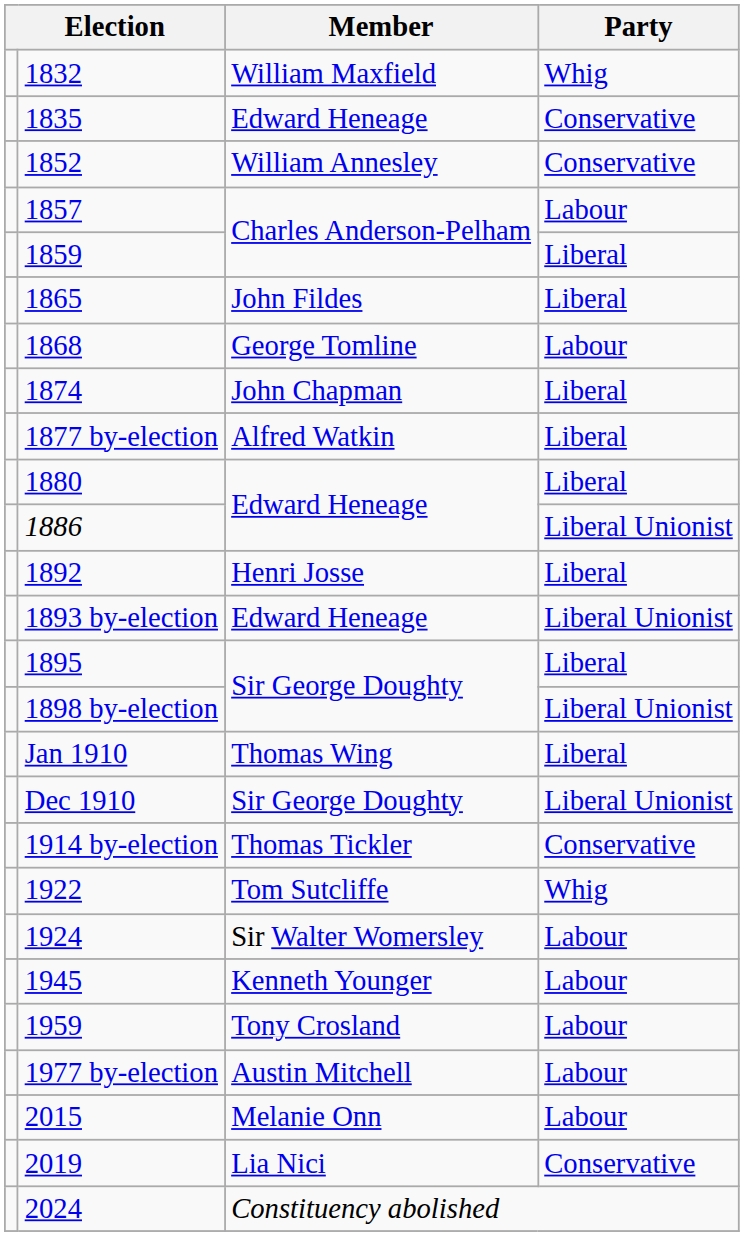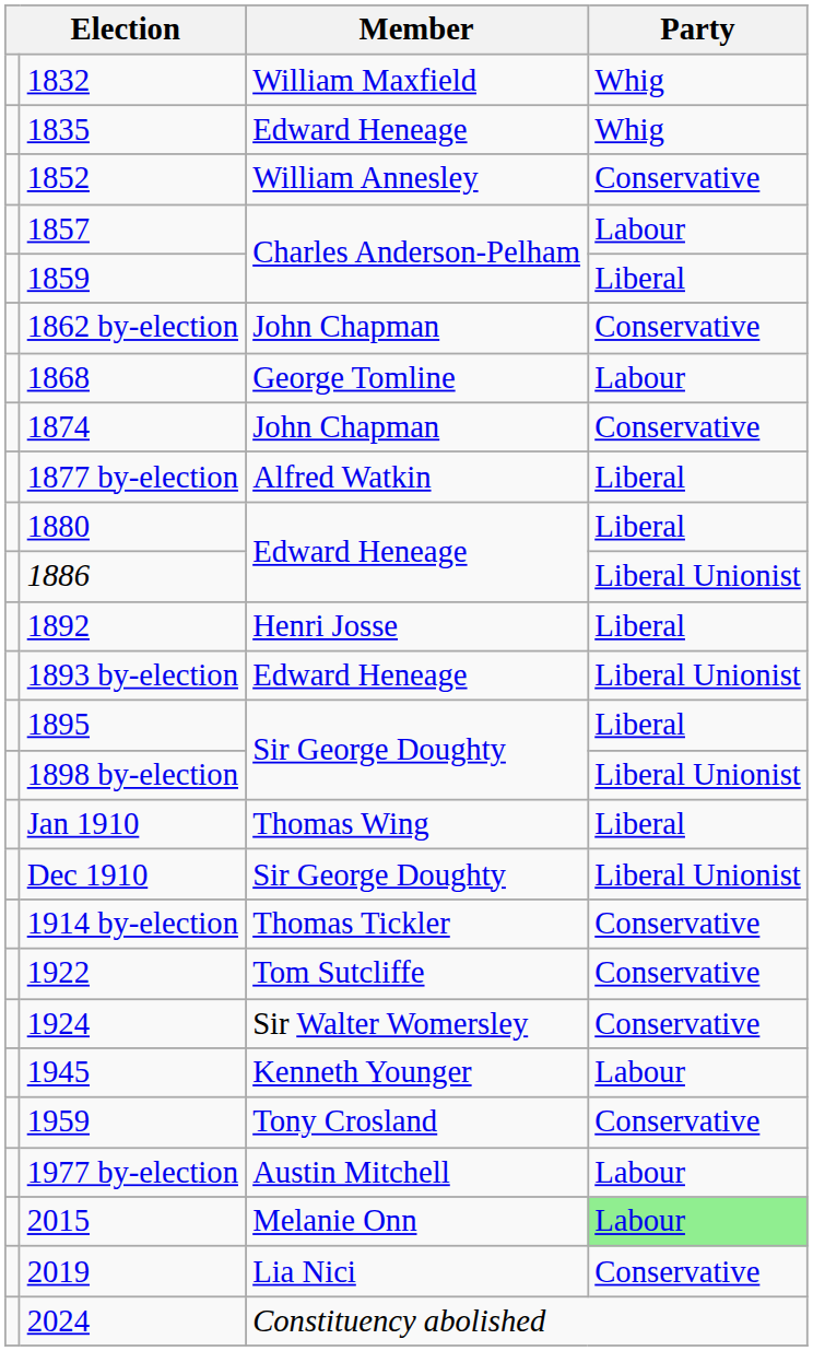 <table class="wikitable">
 <tr>
 <th colspan="2">Election</th>
 <th>Member</th>
 <th>Party</th>
 </tr>
 <tr>
 <td style="color:inherit;background-color: "></td>
 <td><a href='#'>1832</a></td>
 <td><a href='#'>William Maxfield</a></td>
 <td><a href='#'>Whig</a></td>
 </tr>
 <tr>
 <td style="color:inherit;background-color: "></td>
 <td><a href='#'>1835</a></td>
 <td><a href='#'>Edward Heneage</a></td>
-<td><a href='#'>Conservative</a></td>
+<td><a href='#'>Whig</a></td>
 </tr>
 <tr>
 <td style="color:inherit;background-color: "></td>
 <td><a href='#'>1852</a></td>
 <td><a href='#'>William Annesley</a></td>
 <td><a href='#'>Conservative</a></td>
 </tr>
 <tr>
 <td style="color:inherit;background-color: "></td>
 <td><a href='#'>1857</a></td>
 <td rowspan="2"><a href='#'>Charles Anderson-Pelham</a></td>
 <td><a href='#'>Labour</a></td>
 </tr>
 <tr>
 <td style="color:inherit;background-color: "></td>
 <td><a href='#'>1859</a></td>
 <td><a href='#'>Liberal</a></td>
 </tr>
 <tr>
 <td style="color:inherit;background-color: "></td>
-<td><a href='#'>1865</a></td>
-<td><a href='#'>John Fildes</a></td>
-<td><a href='#'>Liberal</a></td>
+<td><a href='#'>1862 by-election</a></td>
+<td><a href='#'>John Chapman</a></td>
+<td><a href='#'>Conservative</a></td>
 </tr>
 <tr>
 <td style="color:inherit;background-color: "></td>
 <td><a href='#'>1868</a></td>
 <td><a href='#'>George Tomline</a></td>
 <td><a href='#'>Labour</a></td>
 </tr>
 <tr>
 <td style="color:inherit;background-color: "></td>
 <td><a href='#'>1874</a></td>
 <td><a href='#'>John Chapman</a></td>
-<td><a href='#'>Liberal</a></td>
+<td><a href='#'>Conservative</a></td>
 </tr>
 <tr>
 <td style="color:inherit;background-color: "></td>
 <td><a href='#'>1877 by-election</a></td>
 <td><a href='#'>Alfred Watkin</a></td>
 <td><a href='#'>Liberal</a></td>
 </tr>
 <tr>
 <td style="color:inherit;background-color: "></td>
 <td><a href='#'>1880</a></td>
 <td rowspan="2"><a href='#'>Edward Heneage</a></td>
 <td><a href='#'>Liberal</a></td>
 </tr>
 <tr>
 <td style="color:inherit;background-color: "></td>
 <td><em>1886</em></td>
 <td><a href='#'>Liberal Unionist</a></td>
 </tr>
 <tr>
 <td style="color:inherit;background-color: "></td>
 <td><a href='#'>1892</a></td>
 <td><a href='#'>Henri Josse</a></td>
 <td><a href='#'>Liberal</a></td>
 </tr>
 <tr>
 <td style="color:inherit;background-color: "></td>
 <td><a href='#'>1893 by-election</a></td>
 <td><a href='#'>Edward Heneage</a></td>
 <td><a href='#'>Liberal Unionist</a></td>
 </tr>
 <tr>
 <td style="color:inherit;background-color: "></td>
 <td><a href='#'>1895</a></td>
 <td rowspan="2"><a href='#'>Sir George Doughty</a></td>
 <td><a href='#'>Liberal</a></td>
 </tr>
 <tr>
 <td style="color:inherit;background-color: "></td>
 <td><a href='#'>1898 by-election</a></td>
 <td><a href='#'>Liberal Unionist</a></td>
 </tr>
 <tr>
 <td style="color:inherit;background-color: "></td>
 <td><a href='#'>Jan 1910</a></td>
 <td><a href='#'>Thomas Wing</a></td>
 <td><a href='#'>Liberal</a></td>
 </tr>
 <tr>
 <td style="color:inherit;background-color: "></td>
 <td><a href='#'>Dec 1910</a></td>
 <td><a href='#'>Sir George Doughty</a></td>
 <td><a href='#'>Liberal Unionist</a></td>
 </tr>
 <tr>
 <td style="color:inherit;background-color: "></td>
 <td><a href='#'>1914 by-election</a></td>
 <td><a href='#'>Thomas Tickler</a></td>
 <td><a href='#'>Conservative</a></td>
 </tr>
 <tr>
 <td style="color:inherit;background-color: "></td>
 <td><a href='#'>1922</a></td>
 <td><a href='#'>Tom Sutcliffe</a></td>
-<td><a href='#'>Whig</a></td>
+<td><a href='#'>Conservative</a></td>
 </tr>
 <tr>
 <td style="color:inherit;background-color: "></td>
 <td><a href='#'>1924</a></td>
 <td>Sir <a href='#'>Walter Womersley</a></td>
-<td><a href='#'>Labour</a></td>
+<td><a href='#'>Conservative</a></td>
 </tr>
 <tr>
 <td style="color:inherit;background-color: "></td>
 <td><a href='#'>1945</a></td>
 <td><a href='#'>Kenneth Younger</a></td>
 <td><a href='#'>Labour</a></td>
 </tr>
 <tr>
 <td style="color:inherit;background-color: "></td>
 <td><a href='#'>1959</a></td>
 <td><a href='#'>Tony Crosland</a></td>
-<td><a href='#'>Labour</a></td>
+<td><a href='#'>Conservative</a></td>
 </tr>
 <tr>
 <td style="color:inherit;background-color: "></td>
 <td><a href='#'>1977 by-election</a></td>
 <td><a href='#'>Austin Mitchell</a></td>
 <td><a href='#'>Labour</a></td>
 </tr>
 <tr>
 <td style="color:inherit;background-color: "></td>
 <td><a href='#'>2015</a></td>
 <td><a href='#'>Melanie Onn</a></td>
-<td><a href='#'>Labour</a></td>
+<td style="background: lightgreen;"><a href='#'>Labour</a></td>
 </tr>
 <tr>
 <td style="color:inherit;background-color: "></td>
 <td><a href='#'>2019</a></td>
 <td><a href='#'>Lia Nici</a></td>
 <td><a href='#'>Conservative</a></td>
 </tr>
 <tr>
 <td></td>
 <td><a href='#'>2024</a></td>
 <td colspan="2"><em>Constituency abolished</em></td>
 </tr>
 </table>
